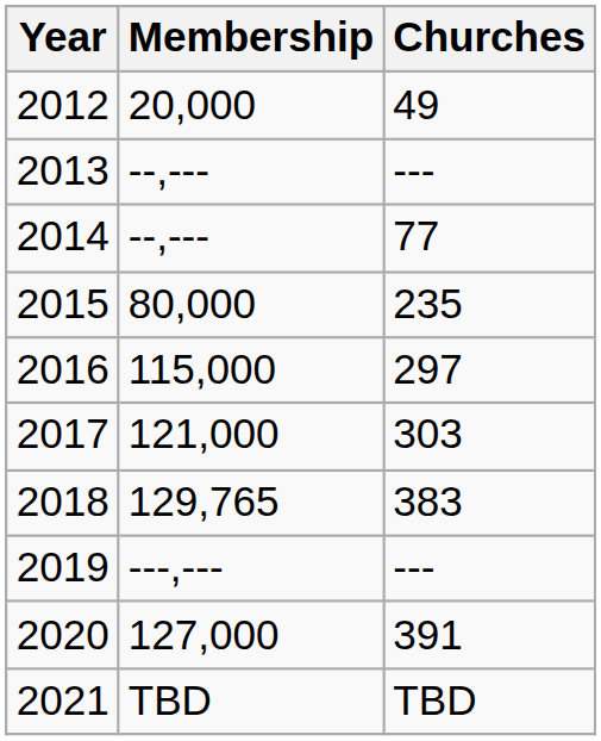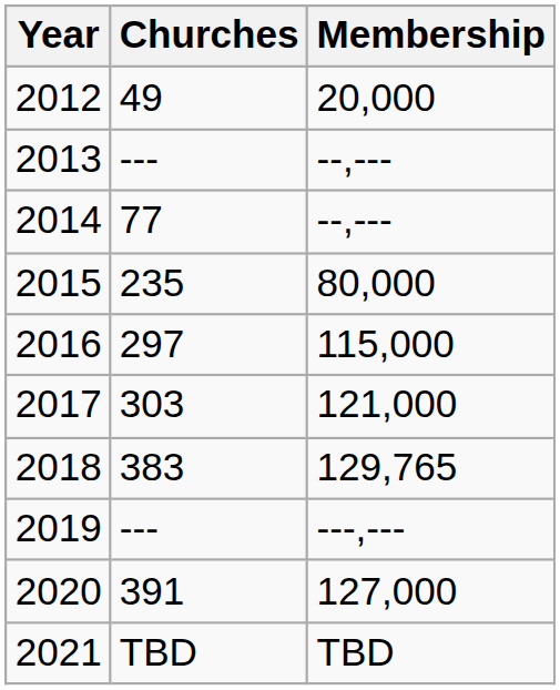 <table class="wikitable" style="margin:auto auto auto auto; front-size:95%; float:right;">
 <tr>
 <th>Year</th>
+<th>Churches</th>
 <th>Membership</th>
-<th>Churches</th>
 </tr>
 <tr>
 <td>2012</td>
+<td>49</td>
 <td>20,000</td>
-<td>49</td>
 </tr>
 <tr>
 <td>2013</td>
+<td>---</td>
 <td>--,---</td>
-<td>---</td>
 </tr>
 <tr>
 <td>2014</td>
+<td>77</td>
 <td>--,---</td>
-<td>77</td>
 </tr>
 <tr>
 <td>2015</td>
+<td>235</td>
 <td>80,000</td>
-<td>235</td>
 </tr>
 <tr>
 <td>2016</td>
+<td>297</td>
 <td>115,000</td>
-<td>297</td>
 </tr>
 <tr>
 <td>2017</td>
+<td>303</td>
 <td>121,000</td>
-<td>303</td>
 </tr>
 <tr>
 <td>2018</td>
+<td>383</td>
 <td>129,765</td>
-<td>383</td>
 </tr>
 <tr>
 <td>2019</td>
+<td>---</td>
 <td>---,---</td>
-<td>---</td>
 </tr>
 <tr>
 <td>2020</td>
+<td>391</td>
 <td>127,000</td>
-<td>391</td>
 </tr>
 <tr>
 <td>2021</td>
 <td>TBD</td>
 <td>TBD</td>
 </tr>
 </table>
